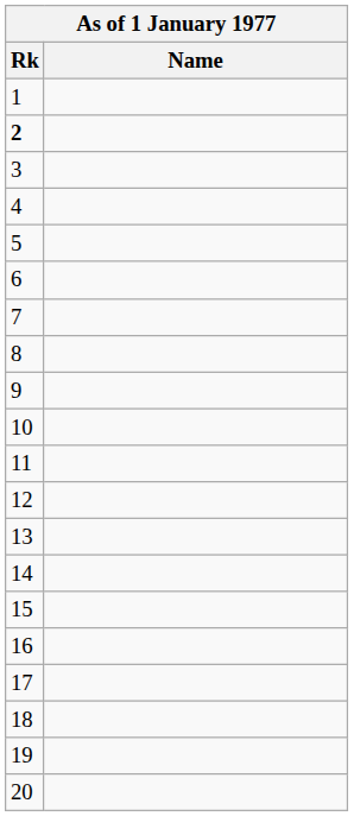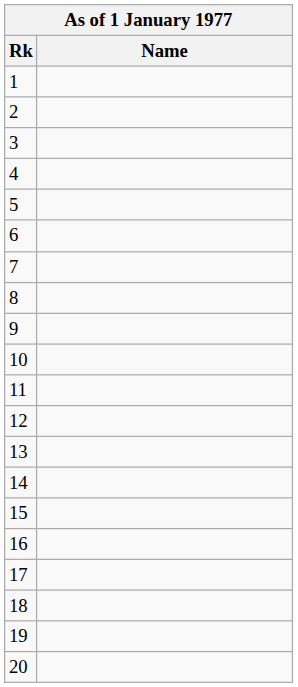 <table class="wikitable" style="font-size:95%">
 <tr>
 <th colspan="2">As of 1 January 1977</th>
 </tr>
 <tr>
 <th>Rk</th>
 <th width="200">Name</th>
 </tr>
 <tr>
 <td>1</td>
 <td></td>
 </tr>
 <tr>
-<td><strong>2</strong></td>
+<td>2</td>
 <td></td>
 </tr>
 <tr>
 <td>3</td>
 <td></td>
 </tr>
 <tr>
 <td>4</td>
 <td></td>
 </tr>
 <tr>
 <td>5</td>
 <td></td>
 </tr>
 <tr>
 <td>6</td>
 <td></td>
 </tr>
 <tr>
 <td>7</td>
 <td></td>
 </tr>
 <tr>
 <td>8</td>
 <td></td>
 </tr>
 <tr>
 <td>9</td>
 <td></td>
 </tr>
 <tr>
 <td>10</td>
 <td></td>
 </tr>
 <tr>
 <td>11</td>
 <td></td>
 </tr>
 <tr>
 <td>12</td>
 <td></td>
 </tr>
 <tr>
 <td>13</td>
 <td></td>
 </tr>
 <tr>
 <td>14</td>
 <td></td>
 </tr>
 <tr>
 <td>15</td>
 <td></td>
 </tr>
 <tr>
 <td>16</td>
 <td></td>
 </tr>
 <tr>
 <td>17</td>
 <td></td>
 </tr>
 <tr>
 <td>18</td>
 <td></td>
 </tr>
 <tr>
 <td>19</td>
 <td></td>
 </tr>
 <tr>
 <td>20</td>
 <td></td>
 </tr>
 </table>
